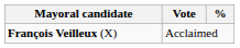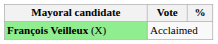 <table class="wikitable">
 <tr>
 <th bgcolor="#DDDDFF" width="200px">Mayoral candidate</th>
 <th bgcolor="#DDDDFF" width="50px">Vote</th>
 <th bgcolor="#DDDDFF"  width="30px">%</th>
 </tr>
 <tr>
-<td><strong>François Veilleux</strong> (X)</td>
+<td style="background: lightgreen;"><strong>François Veilleux</strong> (X)</td>
 <td colspan="2">Acclaimed</td>
 </tr>
 </table>
